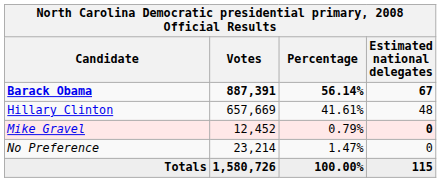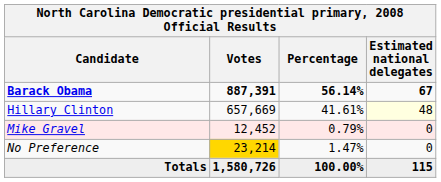 <table class="wikitable" style="font-size:95%; text-align:right;">
 <tr>
 <th colspan="4">North Carolina Democratic presidential primary, 2008<br>Official Results </th>
 </tr>
 <tr>
 <th style="width: 17em">Candidate</th>
 <th style="width: 5em">Votes</th>
 <th style="width: 7em">Percentage</th>
 <th style="width: 5em">Estimated national delegates</th>
 </tr>
 <tr>
 <td style="text-align:left;"><strong><a href='#'>Barack Obama</a></strong></td>
 <td><strong>887,391</strong></td>
 <td><strong>56.14%</strong></td>
 <td><strong>67</strong></td>
 </tr>
 <tr>
 <td style="text-align:left;"><a href='#'>Hillary Clinton</a></td>
 <td>657,669</td>
 <td>41.61%</td>
-<td>48</td>
+<td style="background: lightyellow;">48</td>
 </tr>
 <tr style="background:#ffe8e8;">
 <td style="text-align:left;"><em><a href='#'>Mike Gravel</a></em></td>
 <td>12,452</td>
 <td>0.79%</td>
-<td><strong>0</strong></td>
+<td>0</td>
 </tr>
 <tr>
 <td style="text-align:left;"><em>No Preference</em></td>
-<td>23,214</td>
+<td style="background: gold;">23,214</td>
 <td>1.47%</td>
 <td>0</td>
 </tr>
 <tr style="background:#eee; margin-right:0.5em;">
 <td><strong>Totals</strong></td>
 <td><strong>1,580,726</strong></td>
 <td><strong>100.00%</strong></td>
 <td><strong>115</strong></td>
 </tr>
 </table>
